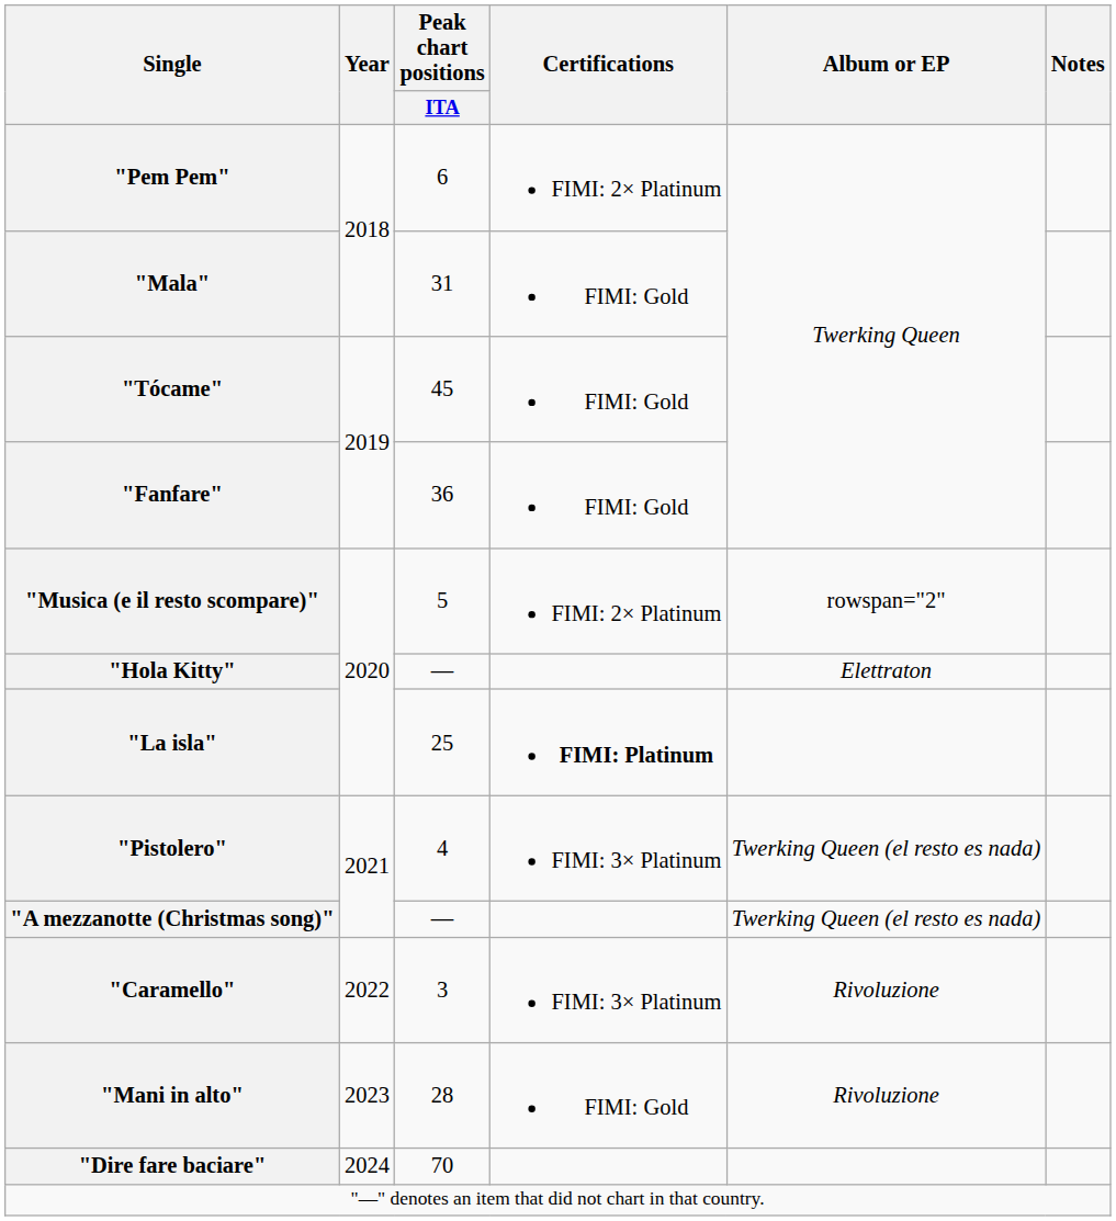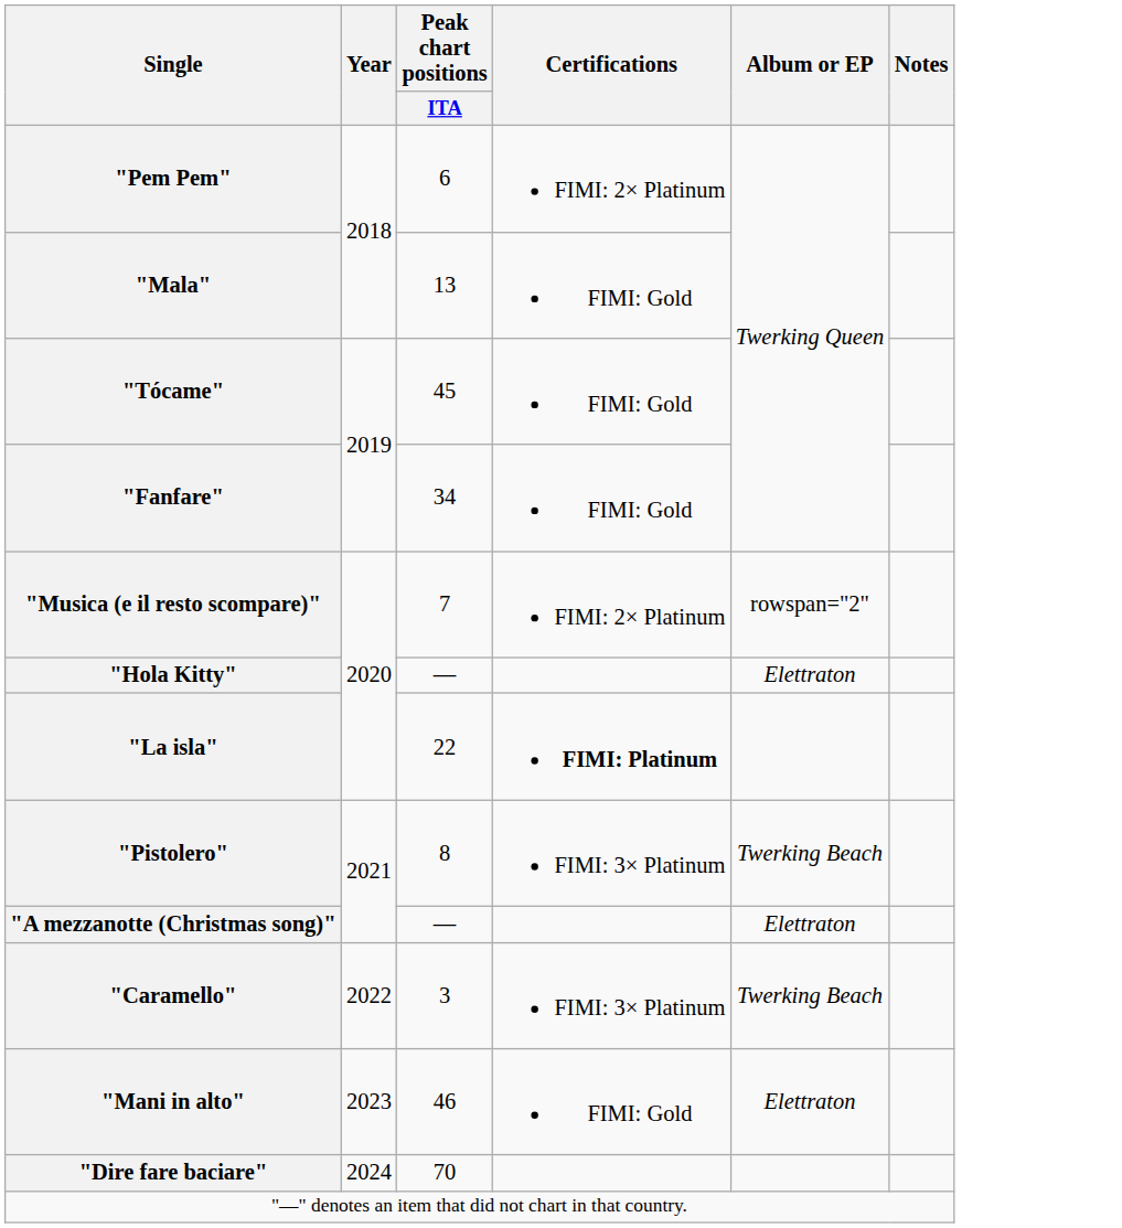 <table class="wikitable plainrowheaders" style="text-align:center;">
 <tr>
 <th scope="col" rowspan="2">Single</th>
 <th scope="col" rowspan="2">Year</th>
 <th scope="col">Peak chart positions</th>
 <th scope="col" rowspan="2">Certifications</th>
 <th scope="col" rowspan="2">Album or EP</th>
 <th scope="col" rowspan="2">Notes</th>
 </tr>
 <tr>
 <th scope="col" style="width:3em;font-size:90%;"><a href='#'>ITA</a><br></th>
 </tr>
 <tr>
 <th scope="row">"Pem Pem"</th>
 <td rowspan="2">2018</td>
 <td>6</td>
 <td><br><ul><li>FIMI: 2× Platinum</li></ul></td>
 <td rowspan="4"><em>Twerking Queen</em></td>
 <td></td>
 </tr>
 <tr>
 <th scope="row">"Mala"</th>
-<td>31</td>
+<td>13</td>
 <td><br><ul><li>FIMI: Gold</li></ul></td>
 <td></td>
 </tr>
 <tr>
 <th scope="row">"Tócame" </th>
 <td rowspan="2">2019</td>
 <td>45</td>
 <td><br><ul><li>FIMI: Gold</li></ul></td>
 <td></td>
 </tr>
 <tr>
 <th scope="row">"Fanfare" </th>
-<td>36</td>
+<td>34</td>
 <td><br><ul><li>FIMI: Gold</li></ul></td>
 <td></td>
 </tr>
 <tr>
 <th scope="row">"Musica (e il resto scompare)"</th>
 <td rowspan="3">2020</td>
-<td>5</td>
+<td>7</td>
 <td><br><ul><li>FIMI: 2× Platinum</li></ul></td>
 <td>rowspan="2" </td>
 <td></td>
 </tr>
 <tr>
 <th scope="row">"Hola Kitty" </th>
 <td>—</td>
 <td></td>
 <td><em>Elettraton</em></td>
 <td></td>
 </tr>
 <tr>
 <th scope="row">"La isla" </th>
-<td>25</td>
+<td>22</td>
 <td><strong><br><ul><li>FIMI: Platinum</li></ul></strong></td>
 <td></td>
 </tr>
 <tr>
 <th scope="row">"Pistolero"</th>
 <td rowspan="2">2021</td>
-<td>4</td>
+<td>8</td>
 <td><br><ul><li>FIMI: 3× Platinum</li></ul></td>
-<td><em>Twerking Queen (el resto es nada)</em></td>
+<td><em>Twerking Beach</em></td>
 <td></td>
 </tr>
 <tr>
 <th scope="row">"A mezzanotte (Christmas song)"</th>
 <td>—</td>
 <td></td>
-<td><em>Twerking Queen (el resto es nada)</em></td>
+<td><em>Elettraton</em></td>
 <td></td>
 </tr>
 <tr>
 <th scope="row">"Caramello" </th>
 <td>2022</td>
 <td>3</td>
 <td><br><ul><li>FIMI: 3× Platinum</li></ul></td>
-<td><em>Rivoluzione</em></td>
+<td><em>Twerking Beach</em></td>
 <td></td>
 </tr>
 <tr>
 <th scope="row">"Mani in alto"</th>
 <td>2023</td>
-<td>28</td>
+<td>46</td>
 <td><br><ul><li>FIMI: Gold</li></ul></td>
-<td><em>Rivoluzione</em></td>
+<td><em>Elettraton</em></td>
 <td></td>
 </tr>
 <tr>
 <th scope="row">"Dire fare baciare"<br></th>
 <td>2024</td>
 <td>70<br></td>
 <td></td>
 <td></td>
 <td></td>
 </tr>
 <tr>
 <td colspan="6" style="font-size:85%">"—" denotes an item that did not chart in that country.</td>
 </tr>
 </table>
